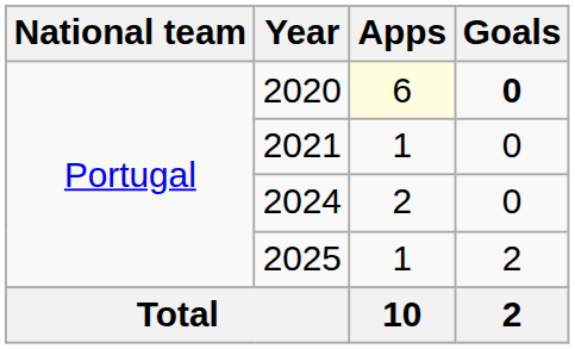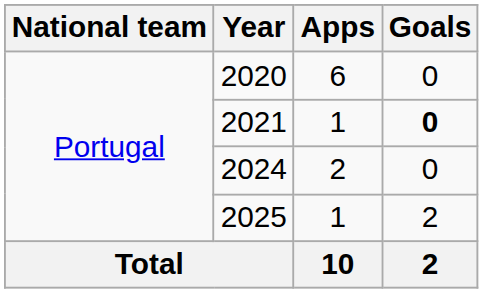 <table class="wikitable" style="text-align:center">
 <tr>
 <th>National team</th>
 <th>Year</th>
 <th>Apps</th>
 <th>Goals</th>
 </tr>
 <tr>
 <td rowspan="4" valign="center"><a href='#'>Portugal</a></td>
 <td>2020</td>
-<td style="background: lightyellow;">6</td>
-<td><strong>0</strong></td>
+<td>6</td>
+<td>0</td>
 </tr>
 <tr>
 <td>2021</td>
 <td>1</td>
-<td>0</td>
+<td><strong>0</strong></td>
 </tr>
 <tr>
 <td>2024</td>
 <td>2</td>
 <td>0</td>
 </tr>
 <tr>
 <td>2025</td>
 <td>1</td>
 <td>2</td>
 </tr>
 <tr>
 <th colspan="2">Total</th>
 <th>10</th>
 <th>2</th>
 </tr>
 </table>
